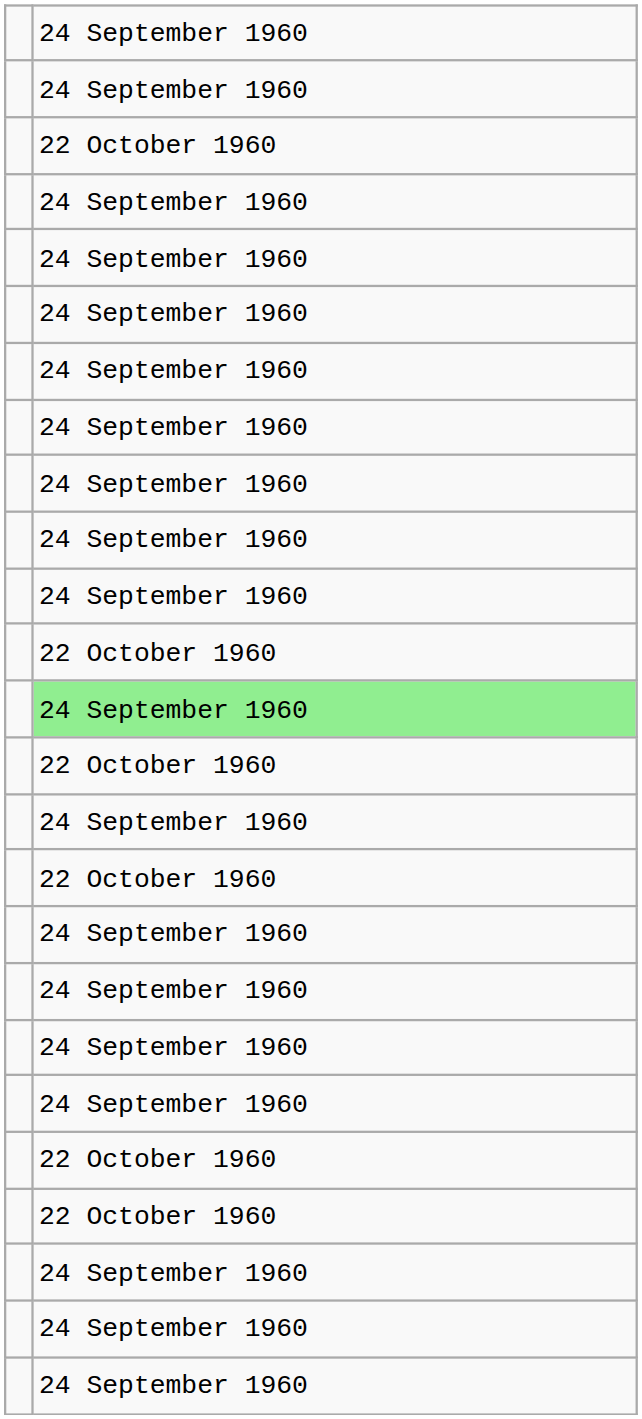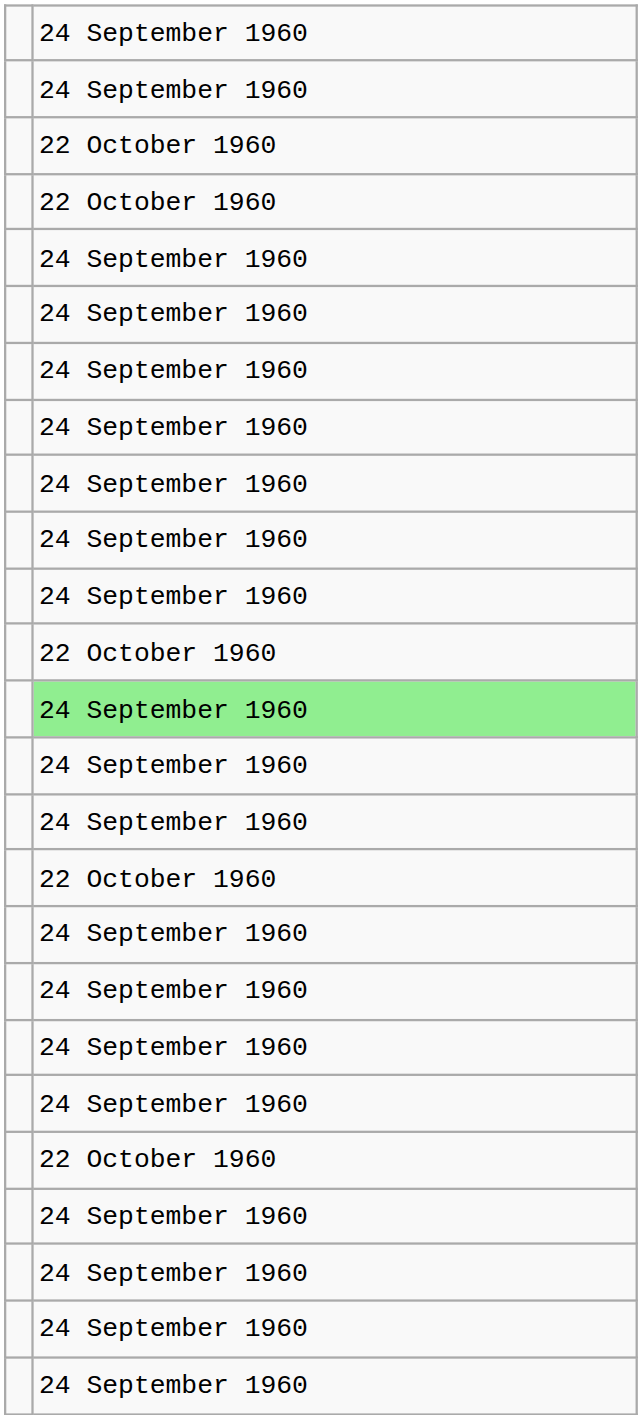 <table class="wikitable" style="font-size: 89%; float: left; width: 24em; margin-right: 1em; line-height: 1.65em">
 <tr>
 <td></td>
 <td>24 September 1960</td>
 </tr>
 <tr>
 <td></td>
 <td>24 September 1960</td>
 </tr>
 <tr>
 <td></td>
 <td>22 October 1960</td>
 </tr>
 <tr>
 <td></td>
-<td>24 September 1960</td>
+<td>22 October 1960</td>
 </tr>
 <tr>
 <td></td>
 <td>24 September 1960</td>
 </tr>
 <tr>
 <td></td>
 <td>24 September 1960</td>
 </tr>
 <tr>
 <td></td>
 <td>24 September 1960</td>
 </tr>
 <tr>
 <td></td>
 <td>24 September 1960</td>
 </tr>
 <tr>
 <td></td>
 <td>24 September 1960</td>
 </tr>
 <tr>
 <td></td>
 <td>24 September 1960</td>
 </tr>
 <tr>
 <td></td>
 <td>24 September 1960</td>
 </tr>
 <tr>
 <td></td>
 <td>22 October 1960</td>
 </tr>
 <tr>
 <td></td>
 <td style="background: lightgreen;">24 September 1960</td>
 </tr>
 <tr>
 <td></td>
-<td>22 October 1960</td>
+<td>24 September 1960</td>
 </tr>
 <tr>
 <td></td>
 <td>24 September 1960</td>
 </tr>
 <tr>
 <td></td>
 <td>22 October 1960</td>
 </tr>
 <tr>
 <td></td>
 <td>24 September 1960</td>
 </tr>
 <tr>
 <td></td>
 <td>24 September 1960</td>
 </tr>
 <tr>
 <td></td>
 <td>24 September 1960</td>
 </tr>
 <tr>
 <td></td>
 <td>24 September 1960</td>
 </tr>
 <tr>
 <td></td>
 <td>22 October 1960</td>
 </tr>
 <tr>
 <td></td>
-<td>22 October 1960</td>
+<td>24 September 1960</td>
 </tr>
 <tr>
 <td></td>
 <td>24 September 1960</td>
 </tr>
 <tr>
 <td></td>
 <td>24 September 1960</td>
 </tr>
 <tr>
 <td></td>
 <td>24 September 1960</td>
 </tr>
 </table>
